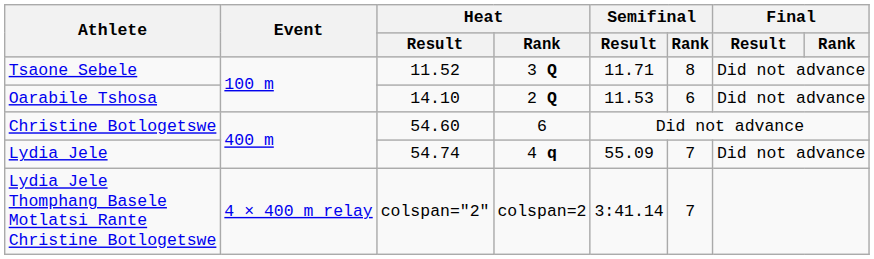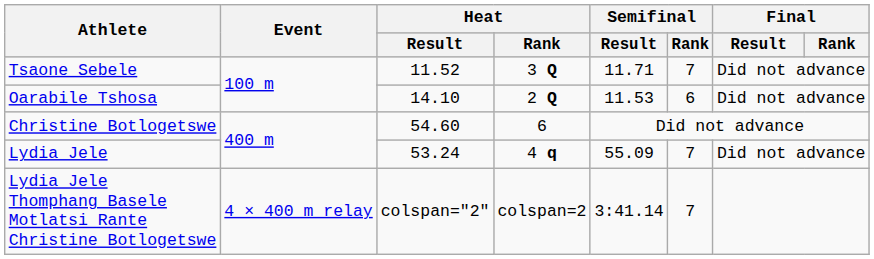 <table class="wikitable" style="font-size:90%; text-align:center">
 <tr>
 <th rowspan=2>Athlete</th>
 <th rowspan=2>Event</th>
 <th colspan=2>Heat</th>
 <th colspan=2>Semifinal</th>
 <th colspan=2>Final</th>
 </tr>
 <tr style="font-size:95%">
 <th>Result</th>
 <th>Rank</th>
 <th>Result</th>
 <th>Rank</th>
 <th>Result</th>
 <th>Rank</th>
 </tr>
 <tr>
 <td align=left><a href='#'>Tsaone Sebele</a></td>
 <td align=left rowspan=2><a href='#'>100 m</a></td>
 <td>11.52</td>
 <td>3 <strong>Q</strong></td>
 <td>11.71</td>
-<td>8</td>
+<td>7</td>
 <td colspan=2>Did not advance</td>
 </tr>
 <tr>
 <td align=left><a href='#'>Oarabile Tshosa</a></td>
 <td>14.10</td>
 <td>2 <strong>Q</strong></td>
 <td>11.53</td>
 <td>6</td>
 <td colspan=2>Did not advance</td>
 </tr>
 <tr>
 <td align=left><a href='#'>Christine Botlogetswe</a></td>
 <td align=left rowspan=2><a href='#'>400 m</a></td>
 <td>54.60</td>
 <td>6</td>
 <td colspan=4>Did not advance</td>
 </tr>
 <tr>
 <td align=left><a href='#'>Lydia Jele</a></td>
-<td>54.74</td>
+<td>53.24</td>
 <td>4 <strong>q</strong></td>
 <td>55.09</td>
 <td>7</td>
 <td colspan=2>Did not advance</td>
 </tr>
 <tr>
 <td align=left><a href='#'>Lydia Jele</a><br><a href='#'>Thomphang Basele</a><br><a href='#'>Motlatsi Rante</a><br><a href='#'>Christine Botlogetswe</a></td>
 <td align=left><a href='#'>4 × 400 m relay</a></td>
 <td>colspan="2" </td>
 <td>colspan=2 </td>
 <td>3:41.14</td>
 <td>7</td>
 </tr>
 </table>
